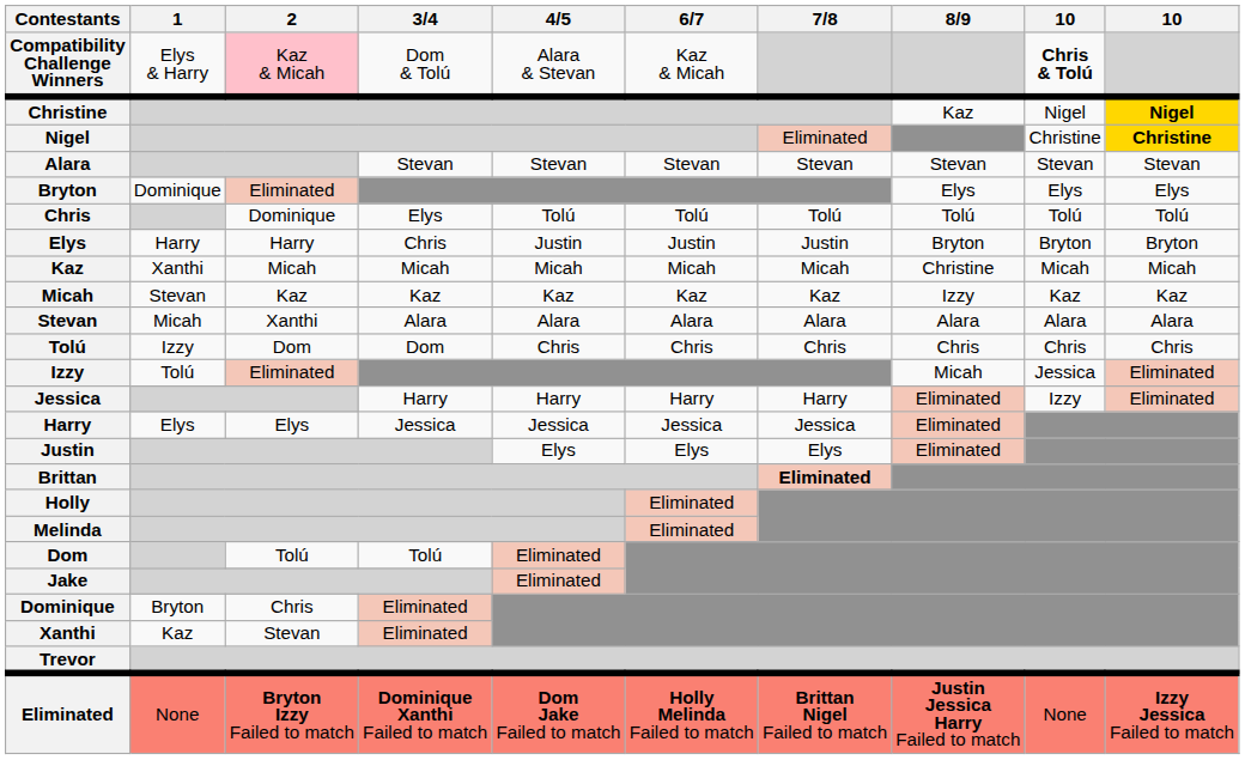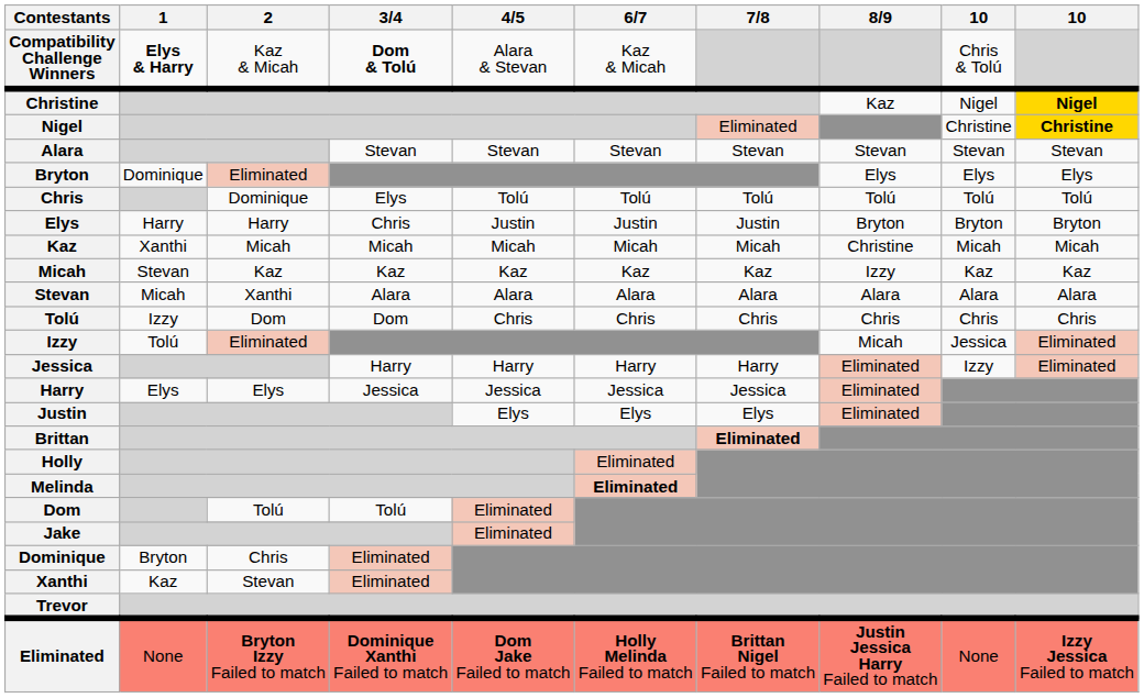 <table class="wikitable" style="text-align:center; line-height:13px; font-size:85%;">
 <tr>
 <th>Contestants</th>
 <th>1</th>
 <th>2</th>
 <th>3/4</th>
 <th>4/5</th>
 <th>6/7</th>
 <th>7/8</th>
 <th>8/9 <small> </small></th>
 <th>10</th>
 <th>10</th>
 </tr>
 <tr>
 <th>Compatibility<br>Challenge<br>Winners</th>
-<td>Elys<br>& Harry</td>
-<td style="background: pink;">Kaz<br>& Micah</td>
-<td>Dom<br>& Tolú</td>
+<td><strong>Elys<br>& Harry</strong></td>
+<td>Kaz<br>& Micah</td>
+<td><strong>Dom<br>& Tolú</strong></td>
 <td>Alara<br>& Stevan</td>
 <td>Kaz<br>& Micah</td>
 <td style="background:lightgrey;"></td>
 <td style="background:lightgrey;"></td>
-<td><strong>Chris<br>& Tolú</strong></td>
+<td>Chris<br>& Tolú</td>
 <td style="background:lightgrey;"></td>
 </tr>
 <tr style="border-top:5px solid">
 <th>Christine</th>
 <td colspan="6" style="background:lightgrey;"></td>
 <td>Kaz</td>
 <td>Nigel</td>
 <td style= "background:gold;"><strong>Nigel</strong></td>
 </tr>
 <tr>
 <th>Nigel</th>
 <td colspan="5" style="background:lightgrey;"></td>
 <td style="background:#F4C7B8;">Eliminated</td>
 <td colspan="1" rowspan="1" style="background:#919191;"></td>
 <td>Christine</td>
 <td style= "background:gold;"><strong>Christine</strong></td>
 </tr>
 <tr>
 <th>Alara</th>
 <td colspan="2" style="background:lightgrey;"></td>
 <td>Stevan</td>
 <td>Stevan</td>
 <td>Stevan</td>
 <td>Stevan</td>
 <td>Stevan</td>
 <td>Stevan</td>
 <td>Stevan</td>
 </tr>
 <tr>
 <th>Bryton</th>
 <td>Dominique</td>
 <td style="background:#F4C7B8;">Eliminated</td>
 <td colspan="4" rowspan="1" style="background:#919191;"></td>
 <td>Elys</td>
 <td>Elys</td>
 <td>Elys</td>
 </tr>
 <tr>
 <th>Chris</th>
 <td colspan="1" style="background:lightgrey;"></td>
 <td>Dominique</td>
 <td>Elys</td>
 <td>Tolú</td>
 <td>Tolú</td>
 <td>Tolú</td>
 <td>Tolú</td>
 <td>Tolú</td>
 <td>Tolú</td>
 </tr>
 <tr>
 <th>Elys</th>
 <td>Harry</td>
 <td>Harry</td>
 <td>Chris</td>
 <td>Justin</td>
 <td>Justin</td>
 <td>Justin</td>
 <td>Bryton</td>
 <td>Bryton</td>
 <td>Bryton</td>
 </tr>
 <tr>
 <th>Kaz</th>
 <td>Xanthi</td>
 <td>Micah</td>
 <td>Micah</td>
 <td>Micah</td>
 <td>Micah</td>
 <td>Micah</td>
 <td>Christine</td>
 <td>Micah</td>
 <td>Micah</td>
 </tr>
 <tr>
 <th>Micah</th>
 <td>Stevan</td>
 <td>Kaz</td>
 <td>Kaz</td>
 <td>Kaz</td>
 <td>Kaz</td>
 <td>Kaz</td>
 <td>Izzy</td>
 <td>Kaz</td>
 <td>Kaz</td>
 </tr>
 <tr>
 <th>Stevan</th>
 <td>Micah</td>
 <td>Xanthi</td>
 <td>Alara</td>
 <td>Alara</td>
 <td>Alara</td>
 <td>Alara</td>
 <td>Alara</td>
 <td>Alara</td>
 <td>Alara</td>
 </tr>
 <tr>
 <th>Tolú</th>
 <td>Izzy</td>
 <td>Dom</td>
 <td>Dom</td>
 <td>Chris</td>
 <td>Chris</td>
 <td>Chris</td>
 <td>Chris</td>
 <td>Chris</td>
 <td>Chris</td>
 </tr>
 <tr>
 <th>Izzy</th>
 <td>Tolú</td>
 <td style="background:#F4C7B8;">Eliminated</td>
 <td colspan="4" rowspan="1" style="background:#919191;"></td>
 <td>Micah</td>
 <td>Jessica</td>
 <td style="background:#F4C7B8;">Eliminated</td>
 </tr>
 <tr>
 <th>Jessica</th>
 <td colspan="2" style="background:lightgrey;"></td>
 <td>Harry</td>
 <td>Harry</td>
 <td>Harry</td>
 <td>Harry</td>
 <td style="background:#F4C7B8;">Eliminated</td>
 <td>Izzy</td>
 <td style="background:#F4C7B8;">Eliminated</td>
 </tr>
 <tr>
 <th>Harry</th>
 <td>Elys</td>
 <td>Elys</td>
 <td>Jessica</td>
 <td>Jessica</td>
 <td>Jessica</td>
 <td>Jessica</td>
 <td style="background:#F4C7B8;">Eliminated</td>
 <td colspan="3" rowspan="1" style="background:#919191;"></td>
 </tr>
 <tr>
 <th>Justin</th>
 <td colspan="3" style="background:lightgrey;"></td>
 <td>Elys</td>
 <td>Elys</td>
 <td>Elys</td>
 <td style="background:#F4C7B8;">Eliminated</td>
 <td colspan="2" rowspan="1" style="background:#919191;"></td>
 </tr>
 <tr>
 <th>Brittan</th>
 <td colspan="5" style="background:lightgrey;"></td>
 <td style="background:#F4C7B8;"><strong>Eliminated</strong></td>
 <td colspan="3" rowspan="1" style="background:#919191;"></td>
 </tr>
 <tr>
 <th>Holly</th>
 <td colspan="4" style="background:lightgrey;"></td>
 <td style="background:#F4C7B8;">Eliminated</td>
 <td colspan="4"  rowspan="2" style="background:#919191;"></td>
 </tr>
 <tr>
 <th>Melinda</th>
 <td colspan="4" style="background:lightgrey;"></td>
-<td style="background:#F4C7B8;">Eliminated</td>
+<td style="background:#F4C7B8;"><strong>Eliminated</strong></td>
 </tr>
 <tr>
 <th>Dom</th>
 <td colspan="1" style="background:lightgrey;"></td>
 <td>Tolú</td>
 <td>Tolú</td>
 <td style="background:#F4C7B8;">Eliminated</td>
 <td colspan="5"  rowspan="2" style="background:#919191;"></td>
 </tr>
 <tr>
 <th>Jake</th>
 <td colspan="3" style="background:lightgrey;"></td>
 <td style="background:#F4C7B8;">Eliminated</td>
 </tr>
 <tr>
 <th>Dominique</th>
 <td>Bryton</td>
 <td>Chris</td>
 <td style="background:#F4C7B8;">Eliminated</td>
 <td colspan="6"  rowspan="2" style="background:#919191;"></td>
 </tr>
 <tr>
 <th>Xanthi</th>
 <td>Kaz</td>
 <td>Stevan</td>
 <td style="background:#F4C7B8;">Eliminated</td>
 </tr>
 <tr>
 <th>Trevor</th>
 <td colspan="9" style="background:lightgrey;"></td>
 </tr>
 <tr>
 </tr>
 <tr style="border-top:5px solid">
 <th>Eliminated</th>
 <td style="background:salmon">None</td>
 <td style="background:salmon"><strong>Bryton<br>Izzy</strong><br>Failed to match</td>
 <td style="background:salmon"><strong>Dominique<br>Xanthi</strong><br>Failed to match</td>
 <td style="background:salmon"><strong>Dom<br>Jake</strong><br>Failed to match</td>
 <td style="background:salmon"><strong>Holly<br>Melinda</strong><br>Failed to match</td>
 <td style="background:salmon"><strong>Brittan<br>Nigel</strong><br>Failed to match</td>
 <td style="background:salmon"><strong>Justin<br>Jessica<br>Harry</strong><br>Failed to match</td>
 <td style="background:salmon">None</td>
 <td style="background:salmon"><strong>Izzy<br>Jessica</strong><br>Failed to match</td>
 </tr>
 </table>
